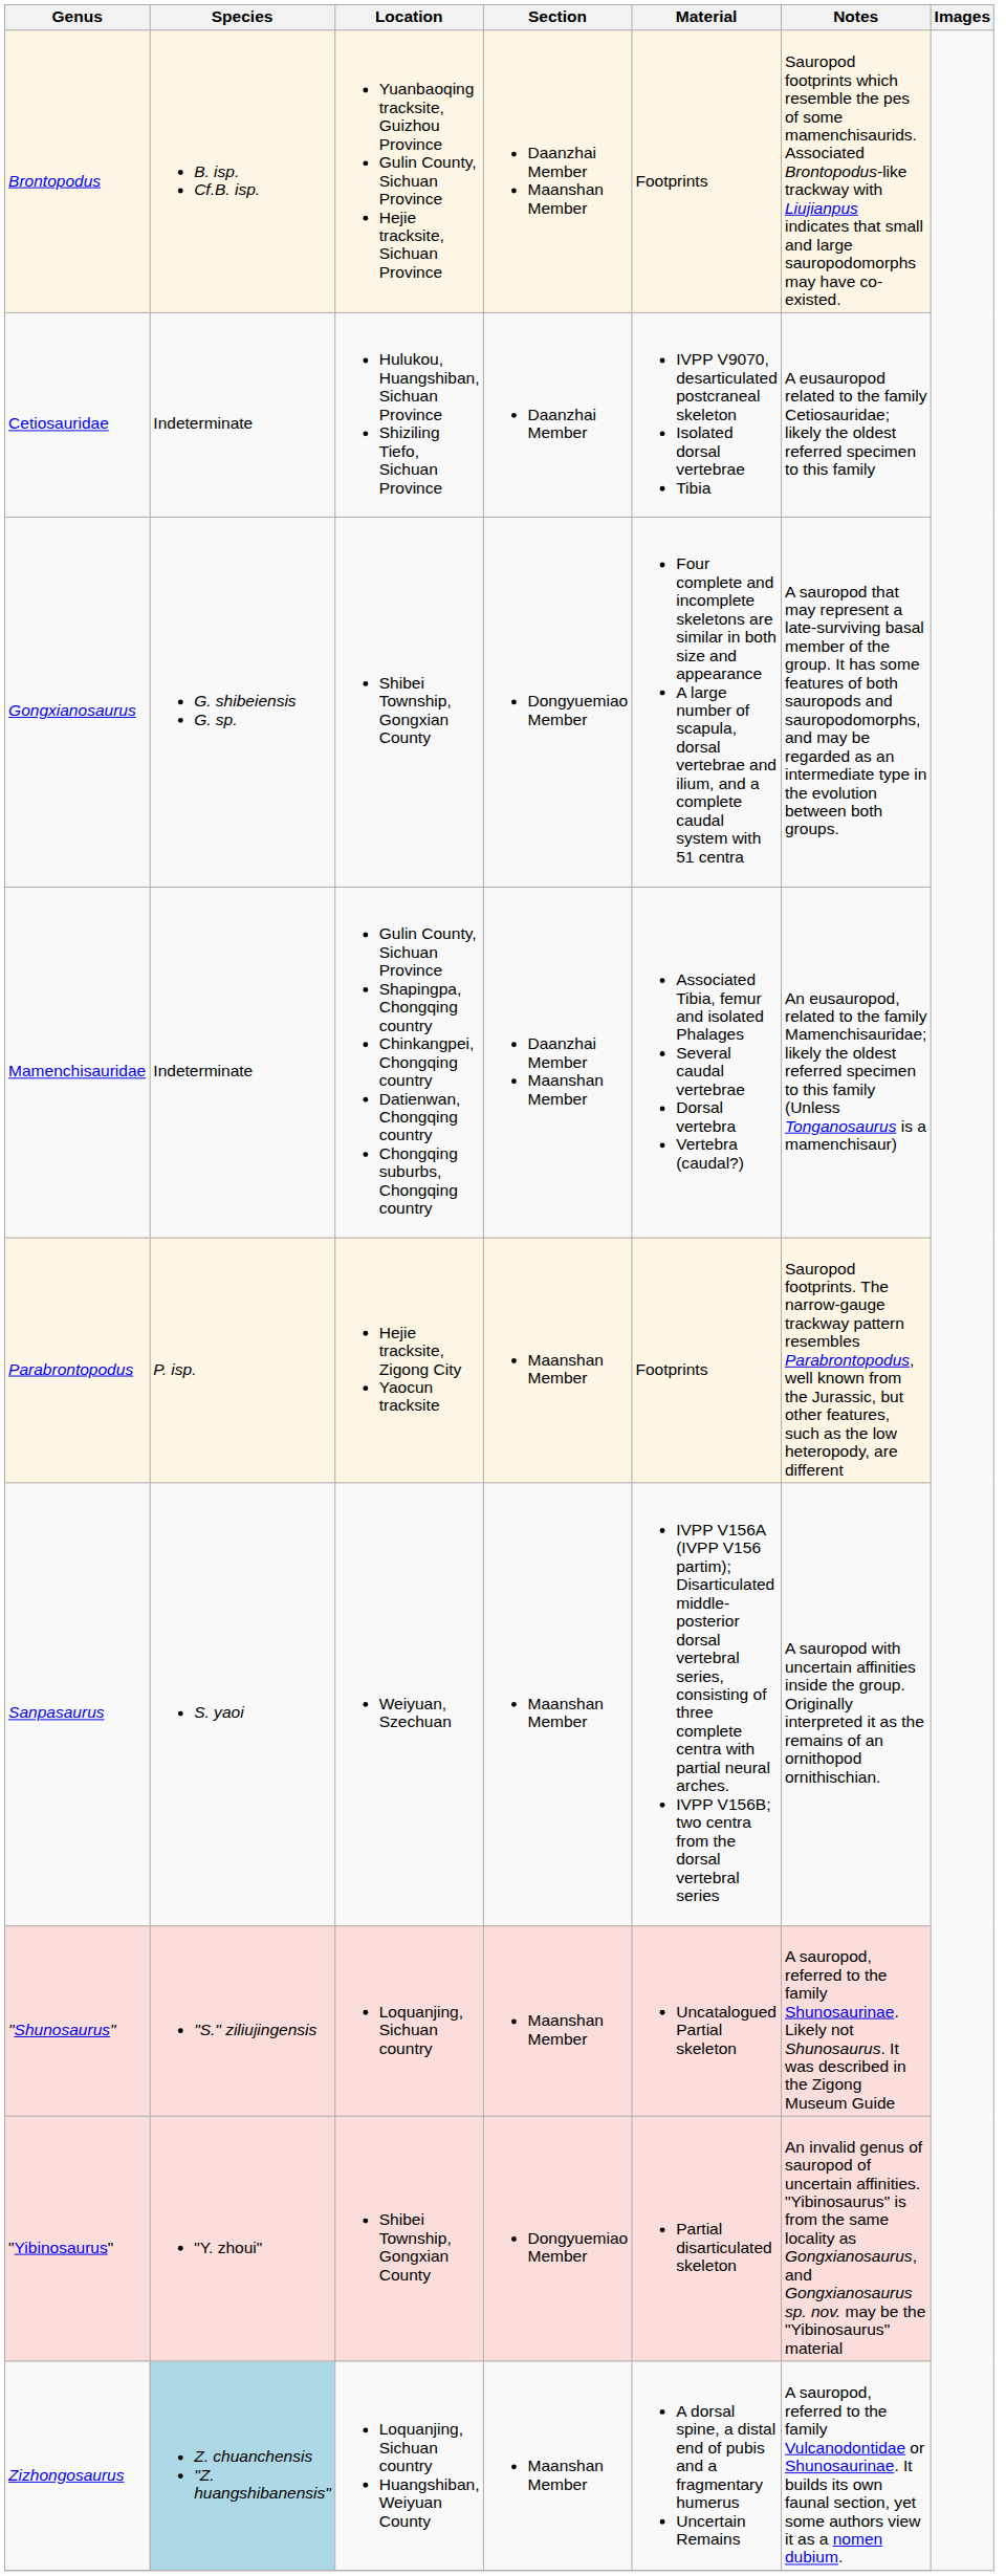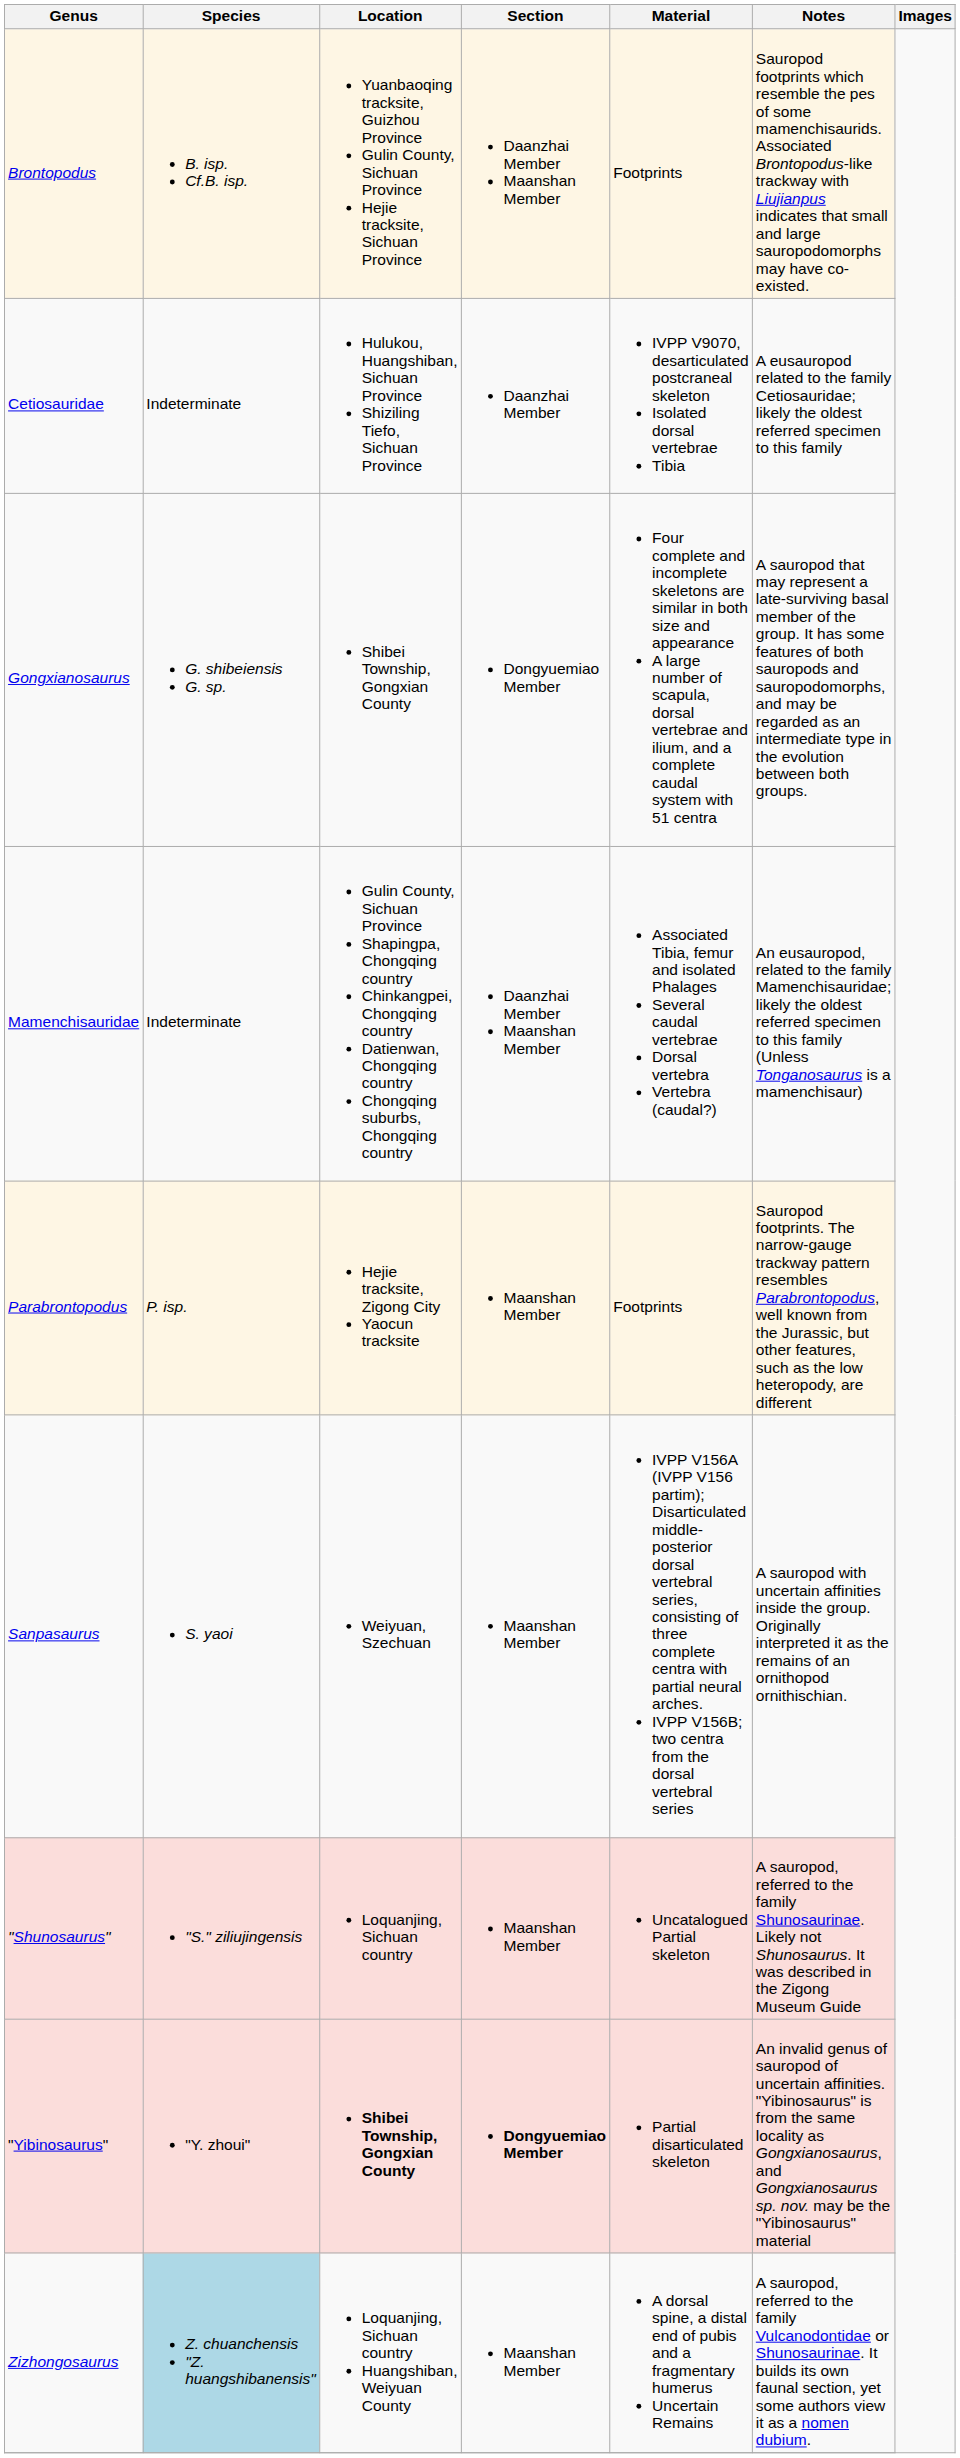 <table class="wikitable" align="center">
 <tr>
 <th>Genus</th>
 <th>Species</th>
 <th>Location</th>
 <th>Section</th>
 <th>Material</th>
 <th>Notes</th>
 <th>Images</th>
 </tr>
 <tr>
 <td style="background:#FEF6E4;"><br><em><a href='#'>Brontopodus</a></em></td>
 <td style="background:#FEF6E4;"><br><ul><li><em>B. isp.</em></li><li><em>Cf.B. isp.</em></li></ul></td>
 <td style="background:#FEF6E4;"><br><ul><li>Yuanbaoqing tracksite, Guizhou Province</li><li>Gulin County, Sichuan Province</li><li>Hejie tracksite, Sichuan Province</li></ul></td>
 <td style="background:#FEF6E4;"><br><ul><li>Daanzhai Member</li><li>Maanshan Member</li></ul></td>
 <td style="background:#FEF6E4;"><br>Footprints</td>
 <td style="background:#FEF6E4;"><br>Sauropod footprints which resemble the pes of some mamenchisaurids. Associated <em>Brontopodus</em>-like trackway with <em><a href='#'>Liujianpus</a></em> indicates that small and large sauropodomorphs may have co-existed.</td>
 <td rowspan = 100> </td>
 </tr>
 <tr>
 <td><br><a href='#'>Cetiosauridae</a></td>
 <td><br>Indeterminate</td>
 <td><br><ul><li>Hulukou, Huangshiban, Sichuan Province</li><li>Shiziling Tiefo, Sichuan Province</li></ul></td>
 <td><br><ul><li>Daanzhai Member</li></ul></td>
 <td><br><ul><li>IVPP V9070, desarticulated postcraneal skeleton</li><li>Isolated dorsal vertebrae</li><li>Tibia</li></ul></td>
 <td><br>A eusauropod related to the family Cetiosauridae; likely the oldest referred specimen to this family</td>
 </tr>
 <tr>
 <td><br><em><a href='#'>Gongxianosaurus</a></em></td>
 <td><br><ul><li><em>G. shibeiensis</em></li><li><em>G. sp.</em></li></ul></td>
 <td><br><ul><li>Shibei Township, Gongxian County</li></ul></td>
 <td><br><ul><li>Dongyuemiao Member</li></ul></td>
 <td><br><ul><li>Four complete and incomplete skeletons are similar in both size and appearance</li><li>A large number of scapula, dorsal vertebrae and ilium, and a complete caudal system with 51 centra</li></ul></td>
 <td><br>A sauropod that may represent a late-surviving basal member of the group. It has some features of both sauropods and sauropodomorphs, and may be regarded as an intermediate type in the evolution between both groups.</td>
 </tr>
 <tr>
 <td><br><a href='#'>Mamenchisauridae</a></td>
 <td><br>Indeterminate</td>
 <td><br><ul><li>Gulin County, Sichuan Province</li><li>Shapingpa, Chongqing country</li><li>Chinkangpei, Chongqing country</li><li>Datienwan, Chongqing country</li><li>Chongqing suburbs, Chongqing country</li></ul></td>
 <td><br><ul><li>Daanzhai Member</li><li>Maanshan Member</li></ul></td>
 <td><br><ul><li>Associated Tibia, femur and isolated Phalages</li><li>Several caudal vertebrae</li><li>Dorsal vertebra</li><li>Vertebra (caudal?)</li></ul></td>
 <td><br>An eusauropod, related to the family Mamenchisauridae; likely the oldest referred specimen to this family (Unless <em><a href='#'>Tonganosaurus</a></em> is a mamenchisaur)</td>
 </tr>
 <tr>
 <td style="background:#FEF6E4;"><br><em><a href='#'>Parabrontopodus</a></em></td>
 <td style="background:#FEF6E4;"><br><em>P. isp.</em></td>
 <td style="background:#FEF6E4;"><br><ul><li>Hejie tracksite, Zigong City</li><li>Yaocun tracksite</li></ul></td>
 <td style="background:#FEF6E4;"><br><ul><li>Maanshan Member</li></ul></td>
 <td style="background:#FEF6E4;"><br>Footprints</td>
 <td style="background:#FEF6E4;"><br>Sauropod footprints. The narrow-gauge trackway pattern resembles <em><a href='#'>Parabrontopodus</a></em>, well known from the Jurassic, but other features, such as the low heteropody, are different</td>
 </tr>
 <tr>
 <td><br><em><a href='#'>Sanpasaurus</a></em></td>
 <td><br><ul><li><em>S. yaoi</em></li></ul></td>
 <td><br><ul><li>Weiyuan, Szechuan</li></ul></td>
 <td><br><ul><li>Maanshan Member</li></ul></td>
 <td><br><ul><li>IVPP V156A (IVPP V156 partim); Disarticulated middle-posterior dorsal vertebral series, consisting of three complete centra with partial neural arches.</li><li>IVPP V156B; two centra from the dorsal vertebral series</li></ul></td>
 <td><br>A sauropod with uncertain affinities inside the group. Originally interpreted it as the remains of an ornithopod ornithischian.</td>
 </tr>
 <tr>
 <td style="background:#fbdddb;"><br><em>"<a href='#'>Shunosaurus</a>"</em></td>
 <td style="background:#fbdddb;"><br><ul><li><em>"S." ziliujingensis</em></li></ul></td>
 <td style="background:#fbdddb;"><br><ul><li>Loquanjing, Sichuan country</li></ul></td>
 <td style="background:#fbdddb;"><br><ul><li>Maanshan Member</li></ul></td>
 <td style="background:#fbdddb;"><br><ul><li>Uncatalogued Partial skeleton</li></ul></td>
 <td style="background:#fbdddb;"><br>A sauropod, referred to the family <a href='#'>Shunosaurinae</a>. Likely not <em>Shunosaurus</em>. It was described in the Zigong Museum Guide</td>
 </tr>
 <tr>
 <td style="background:#fbdddb;"><br>"<a href='#'>Yibinosaurus</a>"</td>
 <td style="background:#fbdddb;"><br><ul><li>"Y. zhoui"</li></ul></td>
-<td style="background:#fbdddb;"><br><ul><li>Shibei Township, Gongxian County</li></ul></td>
-<td style="background:#fbdddb;"><br><ul><li>Dongyuemiao Member</li></ul></td>
+<td style="background:#fbdddb;"><strong><br><ul><li>Shibei Township, Gongxian County</li></ul></strong></td>
+<td style="background:#fbdddb;"><strong><br><ul><li>Dongyuemiao Member</li></ul></strong></td>
 <td style="background:#fbdddb;"><br><ul><li>Partial disarticulated skeleton</li></ul></td>
 <td style="background:#fbdddb;"><br>An invalid genus of sauropod of uncertain affinities. "Yibinosaurus" is from the same locality as <em>Gongxianosaurus</em>, and <em>Gongxianosaurus sp. nov.</em> may be the "Yibinosaurus" material</td>
 </tr>
 <tr>
 <td><br><em><a href='#'>Zizhongosaurus</a></em></td>
 <td style="background: lightblue;"><br><ul><li><em>Z. chuanchensis</em></li><li><em>"Z. huangshibanensis"</em></li></ul></td>
 <td><br><ul><li>Loquanjing, Sichuan country</li><li>Huangshiban, Weiyuan County</li></ul></td>
 <td><br><ul><li>Maanshan Member</li></ul></td>
 <td><br><ul><li>A dorsal spine, a distal end of pubis and a fragmentary humerus</li><li>Uncertain Remains</li></ul></td>
 <td><br>A sauropod, referred to the family <a href='#'>Vulcanodontidae</a> or <a href='#'>Shunosaurinae</a>. It builds its own faunal section, yet some authors view it as a <a href='#'>nomen dubium</a>.</td>
 </tr>
 <tr>
 </tr>
 </table>
